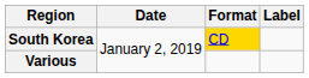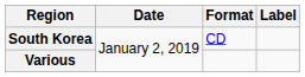 <table class="wikitable plainrowheaders">
 <tr>
 <th scope="col">Region</th>
 <th scope="col">Date</th>
 <th scope="col">Format</th>
 <th scope="col">Label</th>
 </tr>
 <tr>
 <th scope="row">South Korea</th>
 <td rowspan="2">January 2, 2019</td>
-<td style="background: gold;"><a href='#'>CD</a></td>
+<td><a href='#'>CD</a></td>
 <td></td>
 </tr>
 <tr>
 <th scope="row">Various </th>
 <td></td>
 <td></td>
 </tr>
 </table>
